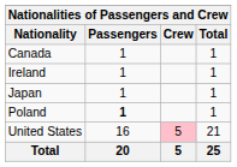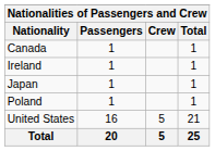 <table class="wikitable sortable">
 <tr style="background:#ccf;">
 </tr>
 <tr>
 <th colspan=4>Nationalities of Passengers and Crew</th>
 </tr>
 <tr>
 <th>Nationality</th>
 <th>Passengers</th>
 <th>Crew</th>
 <th>Total</th>
 </tr>
 <tr valign=top>
 <td> Canada</td>
 <td style="text-align:center;">1</td>
 <td></td>
 <td style="text-align:center;">1</td>
 </tr>
 <tr valign=top>
 <td> Ireland</td>
 <td style="text-align:center;">1</td>
 <td></td>
 <td style="text-align:center;">1</td>
 </tr>
 <tr valign=top>
 <td> Japan</td>
 <td style="text-align:center;">1</td>
 <td></td>
 <td style="text-align:center;">1</td>
 </tr>
 <tr valign=top>
 <td> Poland</td>
-<td style="text-align:center;"><strong>1</strong></td>
+<td style="text-align:center;">1</td>
 <td></td>
 <td style="text-align:center;">1</td>
 </tr>
 <tr valign=top>
 <td> United States</td>
 <td style="text-align:center;">16</td>
-<td style="background: pink; text-align:center;">5</td>
+<td style="text-align:center;">5</td>
 <td style="text-align:center;">21</td>
 </tr>
 <tr valign=top>
 <th><strong>Total</strong></th>
 <th style="text-align:center;"><strong>20</strong></th>
 <th style="text-align:center;"><strong>5</strong></th>
 <th style="text-align:center;"><strong>25</strong></th>
 </tr>
 </table>
